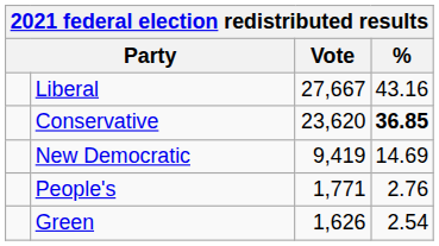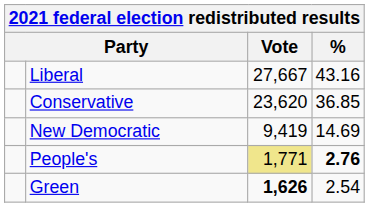 <table class="wikitable">
 <tr>
 <th colspan="4"><a href='#'>2021 federal election</a> redistributed results</th>
 </tr>
 <tr>
 <th bgcolor="#DDDDFF" width="130px" colspan="2">Party</th>
 <th bgcolor="#DDDDFF" width="50px">Vote</th>
 <th bgcolor="#DDDDFF" width="30px">%</th>
 </tr>
 <tr>
 <td> </td>
 <td><a href='#'>Liberal</a></td>
 <td align=right>27,667</td>
 <td align=right>43.16</td>
 </tr>
 <tr>
 <td> </td>
 <td><a href='#'>Conservative</a></td>
 <td align=right>23,620</td>
-<td align=right><strong>36.85</strong></td>
+<td align=right>36.85</td>
 </tr>
 <tr>
 <td> </td>
 <td><a href='#'>New Democratic</a></td>
 <td align=right>9,419</td>
 <td align=right>14.69</td>
 </tr>
 <tr>
 <td> </td>
 <td><a href='#'>People's</a></td>
-<td align=right>1,771</td>
-<td align=right>2.76</td>
+<td align=right style="background: khaki;">1,771</td>
+<td align=right><strong>2.76</strong></td>
 </tr>
 <tr>
 <td> </td>
 <td><a href='#'>Green</a></td>
-<td align=right>1,626</td>
+<td align=right><strong>1,626</strong></td>
 <td align=right>2.54</td>
 </tr>
 </table>
